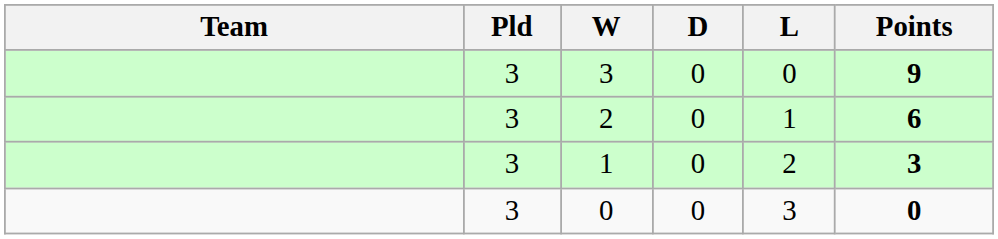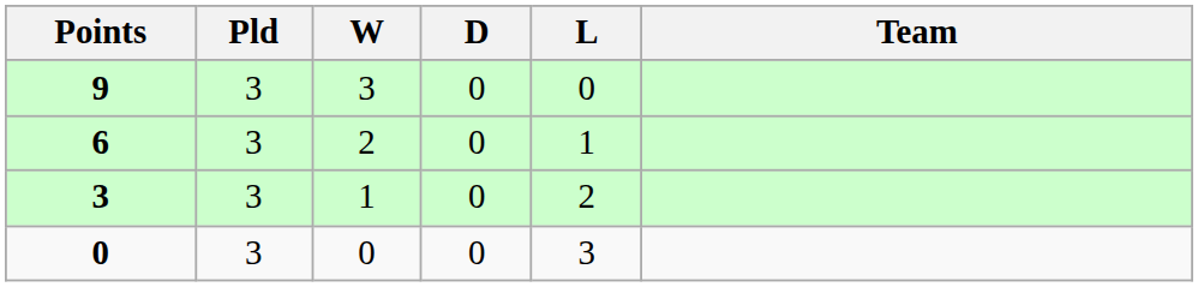 <table class=wikitable style="text-align:center" width=550>
 <tr>
-<th width=25%>Team</th>
+<th width=8%>Points</th>
 <th width=5%>Pld</th>
 <th width=5%>W</th>
 <th width=5%>D</th>
 <th width=5%>L</th>
-<th width=8%>Points</th>
+<th width=25%>Team</th>
 </tr>
 <tr bgcolor=#ccffcc>
-<td align="left"></td>
+<td><strong>9</strong></td>
 <td>3</td>
 <td>3</td>
 <td>0</td>
 <td>0</td>
-<td><strong>9</strong></td>
+<td align="left"></td>
 </tr>
 <tr bgcolor=#ccffcc>
-<td align="left"></td>
+<td><strong>6</strong></td>
 <td>3</td>
 <td>2</td>
 <td>0</td>
 <td>1</td>
-<td><strong>6</strong></td>
+<td align="left"></td>
 </tr>
 <tr bgcolor=#ccffcc>
-<td align="left"></td>
+<td><strong>3</strong></td>
 <td>3</td>
 <td>1</td>
 <td>0</td>
 <td>2</td>
-<td><strong>3</strong></td>
+<td align="left"></td>
 </tr>
 <tr>
-<td align="left"></td>
+<td><strong>0</strong></td>
 <td>3</td>
 <td>0</td>
 <td>0</td>
 <td>3</td>
-<td><strong>0</strong></td>
+<td align="left"></td>
 </tr>
 </table>
